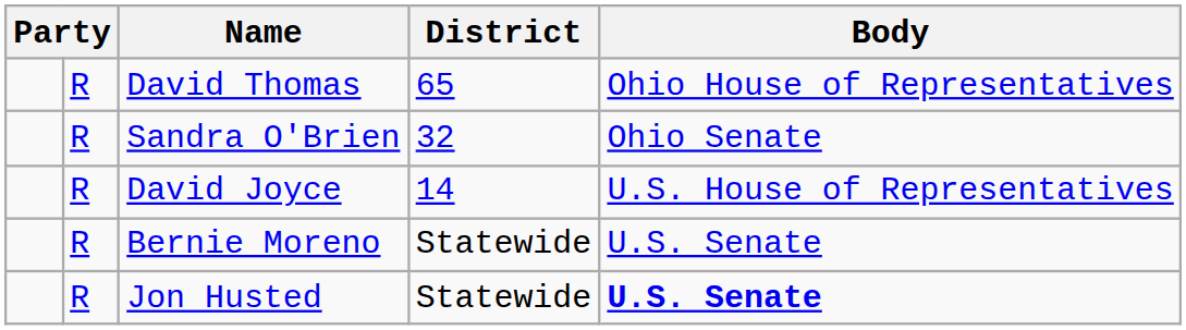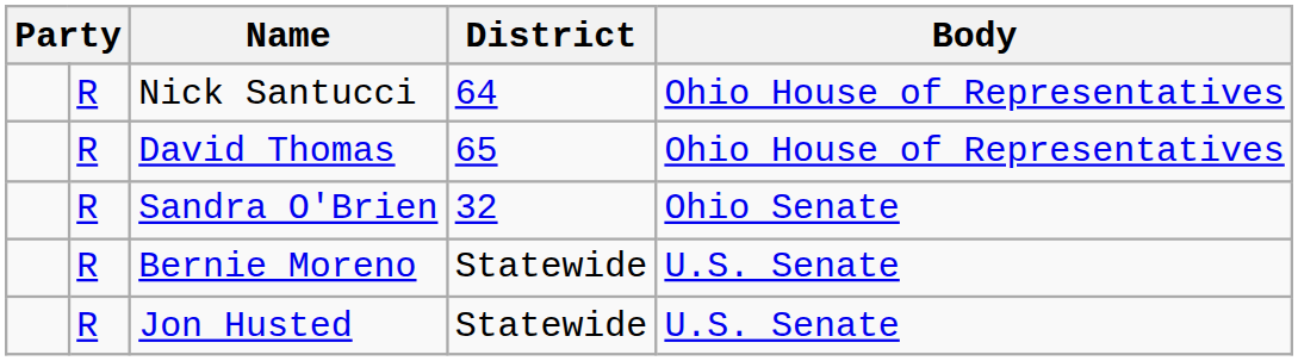 <table class=wikitable>
 <tr>
 <th colspan="2" style="text-align:center; vertical-align:bottom;">Party</th>
 <th style="text-align:center;">Name</th>
 <th valign=bottom>District</th>
 <th valign=bottom>Body</th>
+</tr>
+<tr>
+<td style="background-color:"> </td>
+<td><a href='#'>R</a></td>
+<td>Nick Santucci</td>
+<td><a href='#'>64</a></td>
+<td><a href='#'>Ohio House of Representatives</a></td>
 </tr>
 <tr>
 <td style="background-color:"> </td>
 <td><a href='#'>R</a></td>
 <td><a href='#'>David Thomas</a></td>
 <td><a href='#'>65</a></td>
 <td><a href='#'>Ohio House of Representatives</a></td>
 </tr>
 <tr>
 <td style="background-color:"> </td>
 <td><a href='#'>R</a></td>
 <td><a href='#'>Sandra O'Brien</a></td>
 <td><a href='#'>32</a></td>
 <td><a href='#'>Ohio Senate</a></td>
 </tr>
 <tr>
 <td style="background-color:"> </td>
 <td><a href='#'>R</a></td>
-<td><a href='#'>David Joyce</a></td>
-<td><a href='#'>14</a></td>
-<td><a href='#'>U.S. House of Representatives</a></td>
-</tr>
-<tr>
-<td style="background-color:"> </td>
-<td><a href='#'>R</a></td>
 <td><a href='#'>Bernie Moreno</a></td>
 <td>Statewide</td>
 <td><a href='#'>U.S. Senate</a></td>
 </tr>
 <tr>
 <td style="background-color:"> </td>
 <td><a href='#'>R</a></td>
 <td><a href='#'>Jon Husted</a></td>
 <td>Statewide</td>
-<td><strong><a href='#'>U.S. Senate</a></strong></td>
+<td><a href='#'>U.S. Senate</a></td>
 </tr>
 </table>
